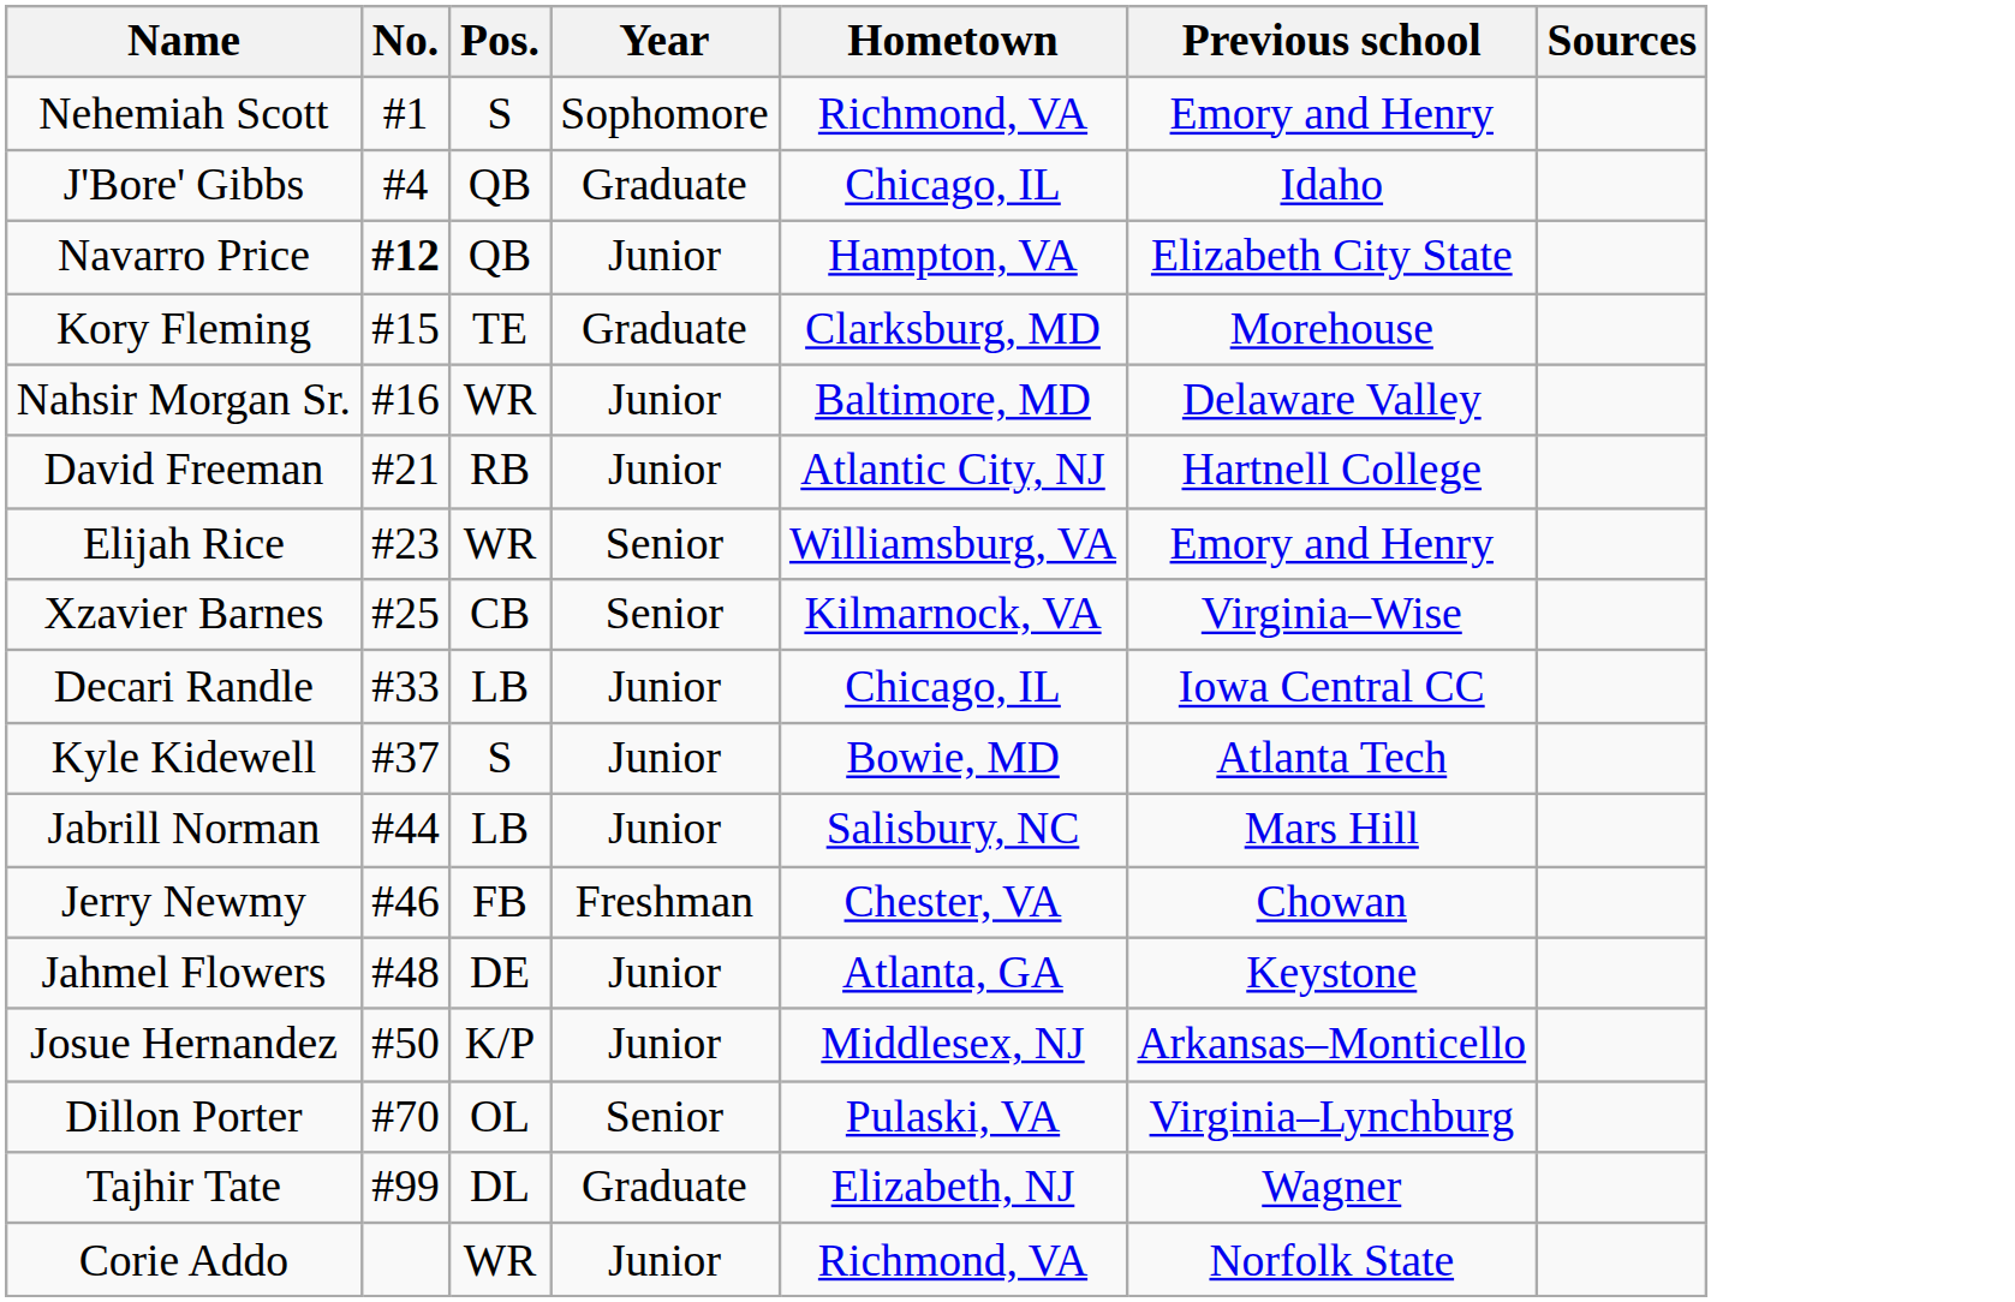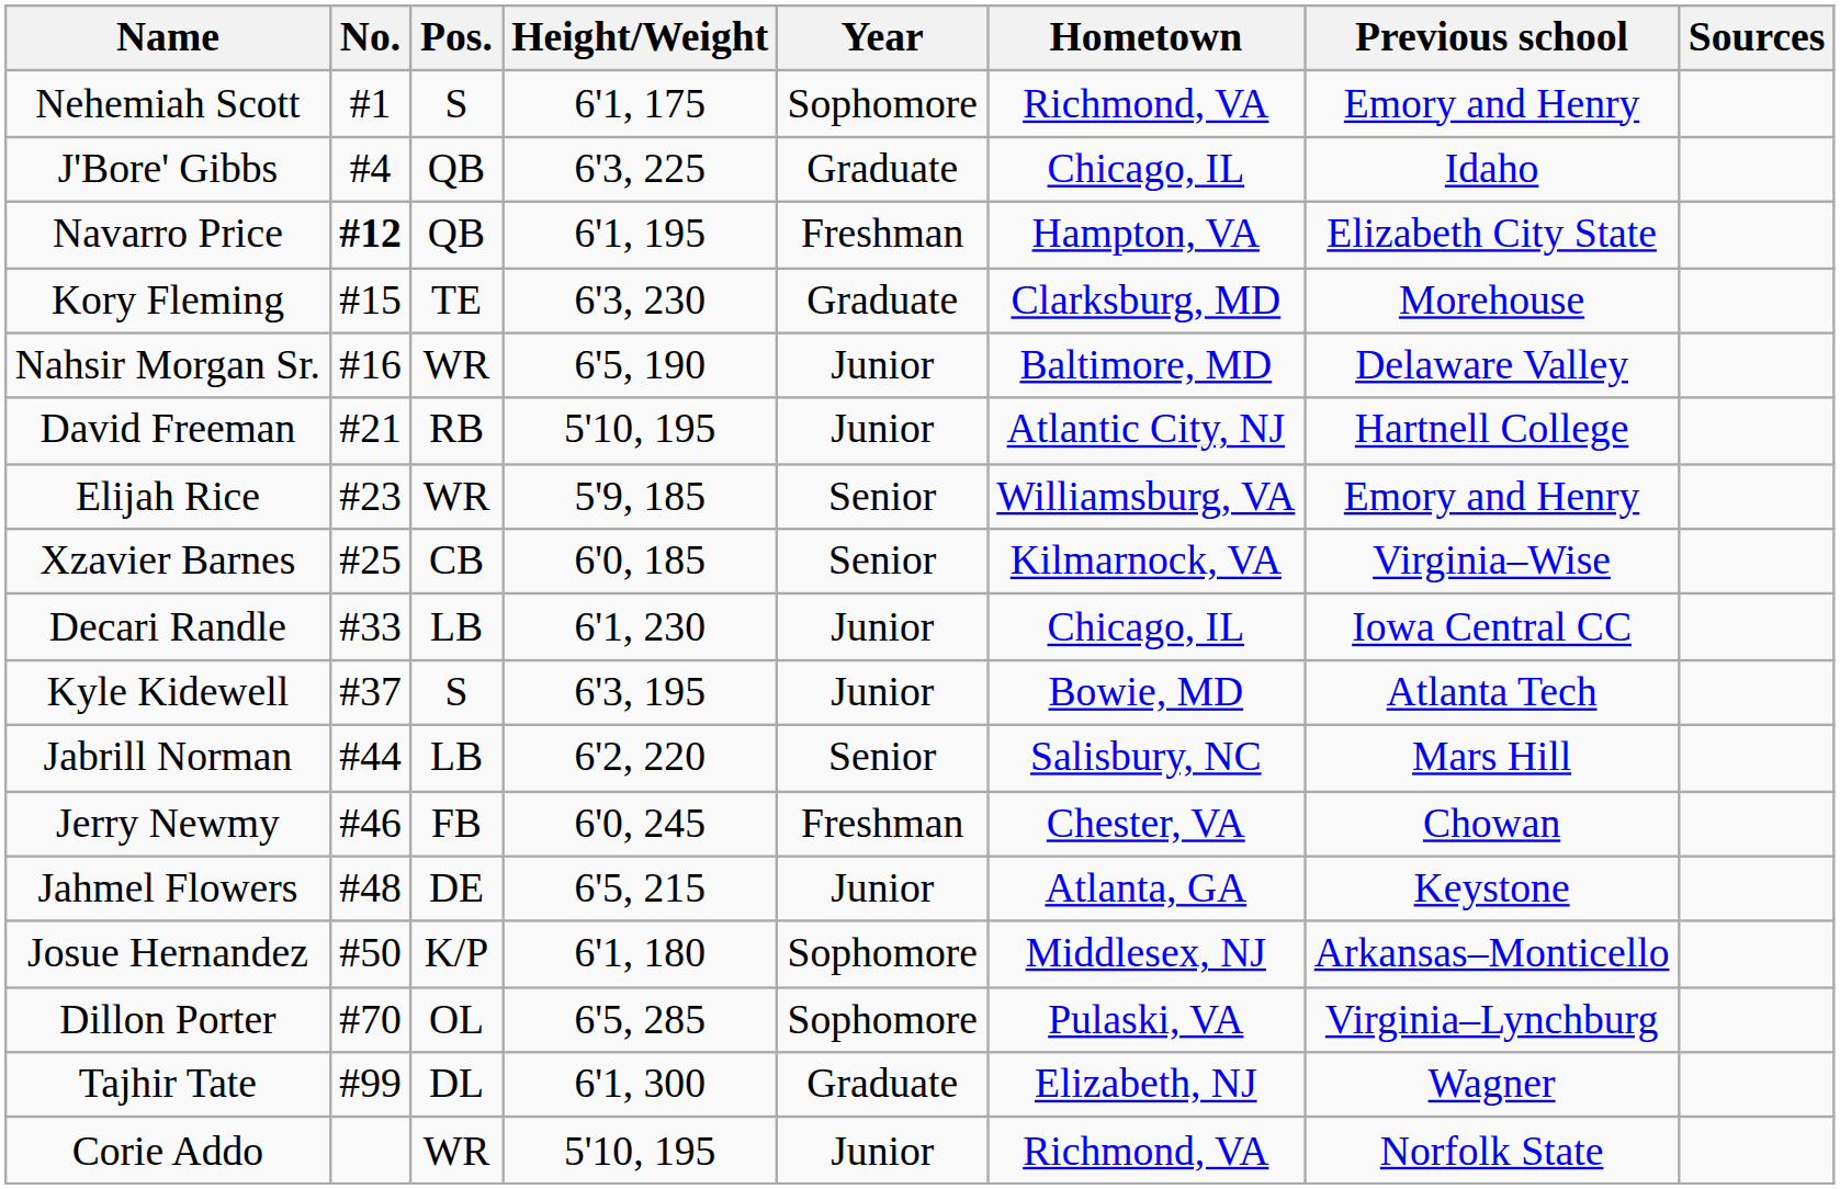 <table class="wikitable sortable sortable" style="text-align: center">
 <tr align=center>
 <th style="text-align:center; ">Name</th>
 <th style="text-align:center; ">No.</th>
 <th style="text-align:center; ">Pos.</th>
+<th style="text-align:center; ">Height/Weight</th>
 <th style="text-align:center; ">Year</th>
 <th style="text-align:center; ">Hometown</th>
 <th style="text-align:center; ">Previous school</th>
 <th style="text-align:center; ">Sources</th>
 </tr>
 <tr>
 <td>Nehemiah Scott</td>
 <td>#1</td>
 <td>S</td>
+<td>6'1, 175</td>
 <td>Sophomore</td>
 <td><a href='#'>Richmond, VA</a></td>
 <td><a href='#'>Emory and Henry</a></td>
 <td></td>
 </tr>
 <tr>
 <td>J'Bore' Gibbs</td>
 <td>#4</td>
 <td>QB</td>
+<td>6'3, 225</td>
 <td>Graduate</td>
 <td><a href='#'>Chicago, IL</a></td>
 <td><a href='#'>Idaho</a></td>
 <td></td>
 </tr>
 <tr>
 <td>Navarro Price</td>
 <td><strong>#12</strong></td>
 <td>QB</td>
-<td> Junior</td>
+<td>6'1, 195</td>
+<td> Freshman</td>
 <td><a href='#'>Hampton, VA</a></td>
 <td><a href='#'>Elizabeth City State</a></td>
 <td></td>
 </tr>
 <tr>
 <td>Kory Fleming</td>
 <td>#15</td>
 <td>TE</td>
+<td>6'3, 230</td>
 <td>Graduate</td>
 <td><a href='#'>Clarksburg, MD</a></td>
 <td><a href='#'>Morehouse</a></td>
 <td></td>
 </tr>
 <tr>
 <td>Nahsir Morgan Sr.</td>
 <td>#16</td>
 <td>WR</td>
+<td>6'5, 190</td>
 <td>Junior</td>
 <td><a href='#'>Baltimore, MD</a></td>
 <td><a href='#'>Delaware Valley</a></td>
 <td></td>
 </tr>
 <tr>
 <td>David Freeman</td>
 <td>#21</td>
 <td>RB</td>
+<td>5'10, 195</td>
 <td>Junior</td>
 <td><a href='#'>Atlantic City, NJ</a></td>
 <td><a href='#'>Hartnell College</a></td>
 <td></td>
 </tr>
 <tr>
 <td>Elijah Rice</td>
 <td>#23</td>
 <td>WR</td>
+<td>5'9, 185</td>
 <td>Senior</td>
 <td><a href='#'>Williamsburg, VA</a></td>
 <td><a href='#'>Emory and Henry</a></td>
 <td></td>
 </tr>
 <tr>
 <td>Xzavier Barnes</td>
 <td>#25</td>
 <td>CB</td>
+<td>6'0, 185</td>
 <td>Senior</td>
 <td><a href='#'>Kilmarnock, VA</a></td>
 <td><a href='#'>Virginia–Wise</a></td>
 <td></td>
 </tr>
 <tr>
 <td>Decari Randle</td>
 <td>#33</td>
 <td>LB</td>
+<td>6'1, 230</td>
 <td> Junior</td>
 <td><a href='#'>Chicago, IL</a></td>
 <td><a href='#'>Iowa Central CC</a></td>
 <td></td>
 </tr>
 <tr>
 <td>Kyle Kidewell</td>
 <td>#37</td>
 <td>S</td>
+<td>6'3, 195</td>
 <td> Junior</td>
 <td><a href='#'>Bowie, MD</a></td>
 <td><a href='#'>Atlanta Tech</a></td>
 <td></td>
 </tr>
 <tr>
 <td>Jabrill Norman</td>
 <td>#44</td>
 <td>LB</td>
-<td>Junior</td>
+<td>6'2, 220</td>
+<td>Senior</td>
 <td><a href='#'>Salisbury, NC</a></td>
 <td><a href='#'>Mars Hill</a></td>
 <td></td>
 </tr>
 <tr>
 <td>Jerry Newmy</td>
 <td>#46</td>
 <td>FB</td>
+<td>6'0, 245</td>
 <td> Freshman</td>
 <td><a href='#'>Chester, VA</a></td>
 <td><a href='#'>Chowan</a></td>
 <td></td>
 </tr>
 <tr>
 <td>Jahmel Flowers</td>
 <td>#48</td>
 <td>DE</td>
+<td>6'5, 215</td>
 <td> Junior</td>
 <td><a href='#'>Atlanta, GA</a></td>
 <td><a href='#'>Keystone</a></td>
 <td></td>
 </tr>
 <tr>
 <td>Josue Hernandez</td>
 <td>#50</td>
 <td>K/P</td>
-<td>Junior</td>
+<td>6'1, 180</td>
+<td> Sophomore</td>
 <td><a href='#'>Middlesex, NJ</a></td>
 <td><a href='#'>Arkansas–Monticello</a></td>
 <td></td>
 </tr>
 <tr>
 <td>Dillon Porter</td>
 <td>#70</td>
 <td>OL</td>
-<td>Senior</td>
+<td>6'5, 285</td>
+<td>Sophomore</td>
 <td><a href='#'>Pulaski, VA</a></td>
 <td><a href='#'>Virginia–Lynchburg</a></td>
 <td></td>
 </tr>
 <tr>
 <td>Tajhir Tate</td>
 <td>#99</td>
 <td>DL</td>
+<td>6'1, 300</td>
 <td>Graduate</td>
 <td><a href='#'>Elizabeth, NJ</a></td>
 <td><a href='#'>Wagner</a></td>
 <td></td>
 </tr>
 <tr>
 <td>Corie Addo</td>
 <td></td>
 <td>WR</td>
+<td>5'10, 195</td>
 <td> Junior</td>
 <td><a href='#'>Richmond, VA</a></td>
 <td><a href='#'>Norfolk State</a></td>
 <td></td>
 </tr>
 </table>
